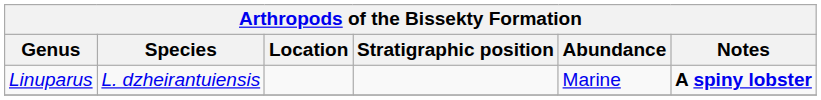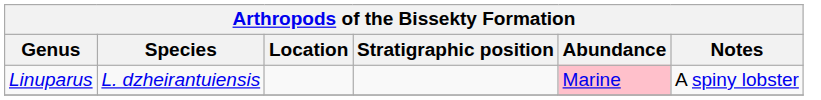 <table class="wikitable" align="center">
 <tr>
 <th colspan="7" align="center"><strong><a href='#'>Arthropods</a> of the Bissekty Formation</strong></th>
 </tr>
 <tr>
 <th>Genus</th>
 <th>Species</th>
 <th>Location</th>
 <th>Stratigraphic position</th>
 <th>Abundance</th>
 <th>Notes</th>
 </tr>
 <tr>
 <td><em><a href='#'>Linuparus</a></em></td>
 <td><em><a href='#'>L. dzheirantuiensis</a></em></td>
 <td></td>
 <td></td>
-<td><a href='#'>Marine</a></td>
-<td><strong>A <a href='#'>spiny lobster</a></strong></td>
+<td style="background: pink;"><a href='#'>Marine</a></td>
+<td>A <a href='#'>spiny lobster</a></td>
 </tr>
 <tr>
 </tr>
 </table>
